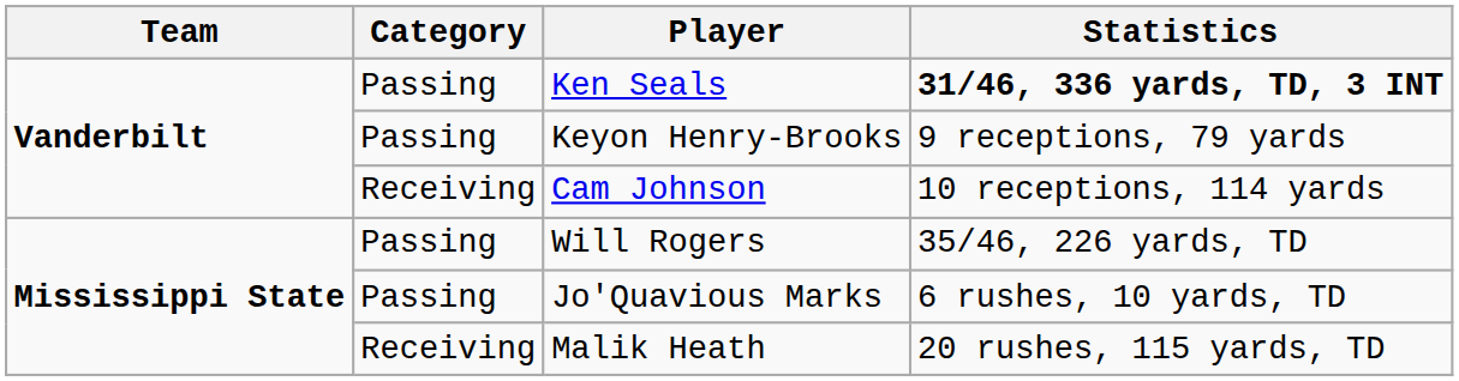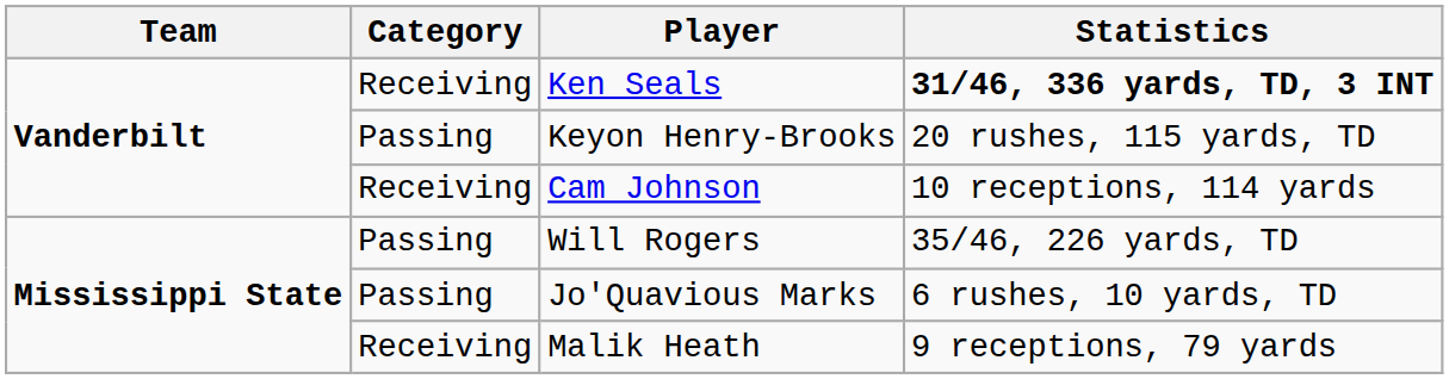 <table class="wikitable" style="float: left;">
 <tr>
 <th>Team</th>
 <th>Category</th>
 <th>Player</th>
 <th>Statistics</th>
 </tr>
 <tr>
 <td rowspan=3><strong>Vanderbilt</strong></td>
-<td>Passing</td>
+<td>Receiving</td>
 <td><a href='#'>Ken Seals</a></td>
 <td><strong>31/46, 336 yards, TD, 3 INT</strong></td>
 </tr>
 <tr>
 <td>Passing</td>
 <td>Keyon Henry-Brooks</td>
-<td>9 receptions, 79 yards</td>
+<td>20 rushes, 115 yards, TD</td>
 </tr>
 <tr>
 <td>Receiving</td>
 <td><a href='#'>Cam Johnson</a></td>
 <td>10 receptions, 114 yards</td>
 </tr>
 <tr>
 <td rowspan=3><strong>Mississippi State</strong></td>
 <td>Passing</td>
 <td>Will Rogers</td>
 <td>35/46, 226 yards, TD</td>
 </tr>
 <tr>
 <td>Passing</td>
 <td>Jo'Quavious Marks</td>
 <td>6 rushes, 10 yards, TD</td>
 </tr>
 <tr>
 <td>Receiving</td>
 <td>Malik Heath</td>
-<td>20 rushes, 115 yards, TD</td>
+<td>9 receptions, 79 yards</td>
 </tr>
 </table>
